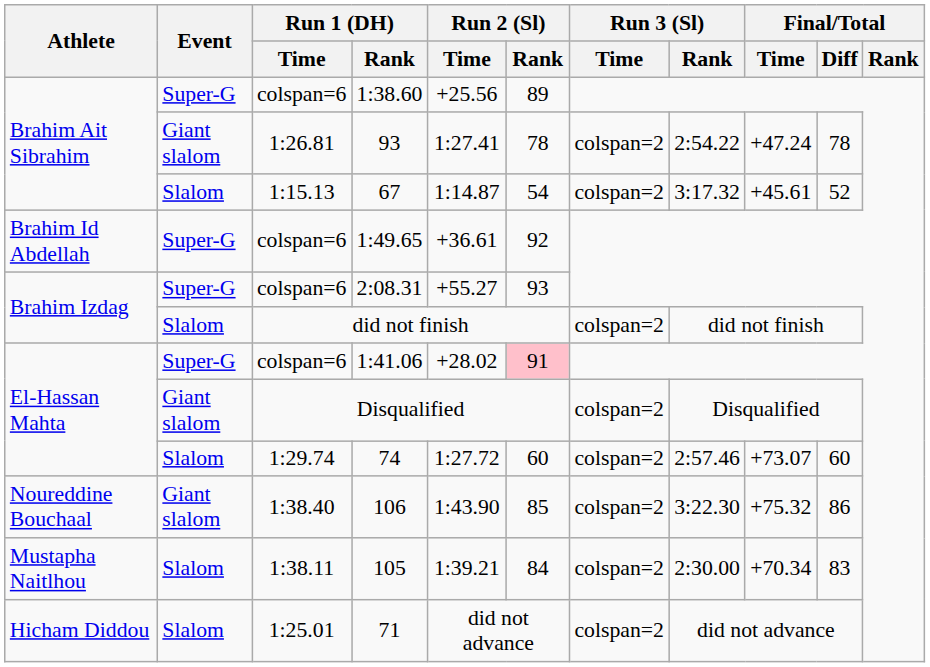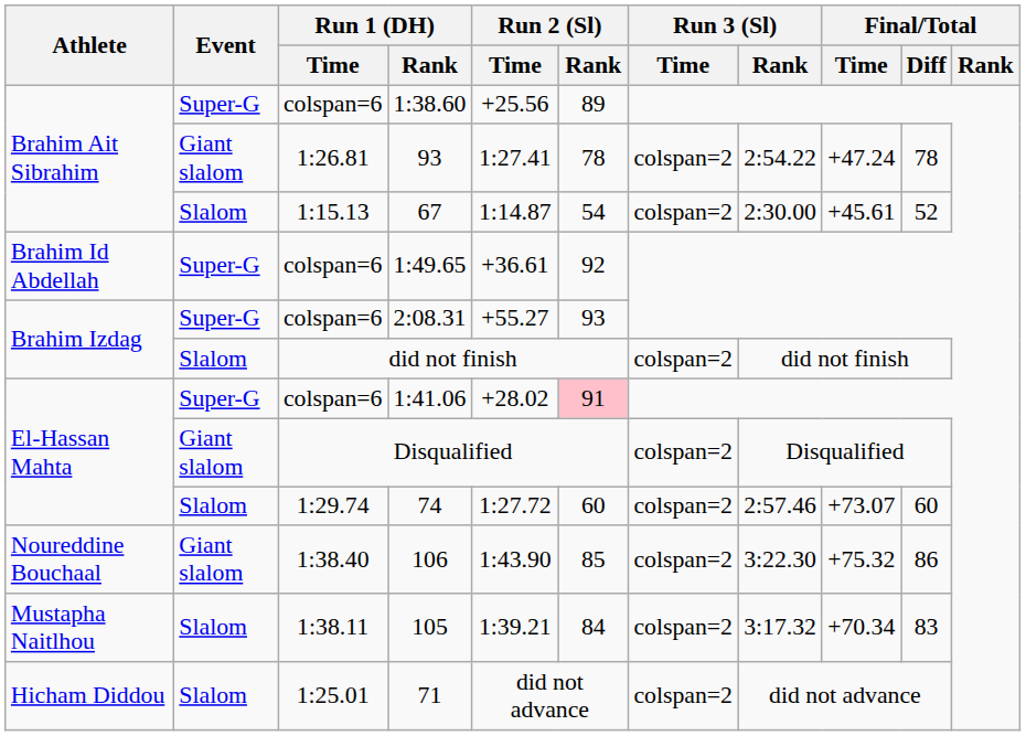 <table class="wikitable" style="font-size:90%">
 <tr>
 <th rowspan="2">Athlete</th>
 <th rowspan="2">Event</th>
 <th colspan="2">Run 1 (DH)</th>
 <th colspan="2">Run 2 (Sl)</th>
 <th colspan="2">Run 3 (Sl)</th>
 <th colspan="3">Final/Total</th>
 </tr>
 <tr>
 <th>Time</th>
 <th>Rank</th>
 <th>Time</th>
 <th>Rank</th>
 <th>Time</th>
 <th>Rank</th>
 <th>Time</th>
 <th>Diff</th>
 <th>Rank</th>
 </tr>
 <tr align="center">
 <td align="left" rowspan=3><a href='#'>Brahim Ait Sibrahim</a></td>
 <td align="left"><a href='#'>Super-G</a></td>
 <td>colspan=6 </td>
 <td>1:38.60</td>
 <td>+25.56</td>
 <td>89</td>
 </tr>
 <tr align="center">
 <td align="left"><a href='#'>Giant slalom</a></td>
 <td>1:26.81</td>
 <td>93</td>
 <td>1:27.41</td>
 <td>78</td>
 <td>colspan=2 </td>
 <td>2:54.22</td>
 <td>+47.24</td>
 <td>78</td>
 </tr>
 <tr align="center">
 <td align="left"><a href='#'>Slalom</a></td>
 <td>1:15.13</td>
 <td>67</td>
 <td>1:14.87</td>
 <td>54</td>
 <td>colspan=2 </td>
-<td>3:17.32</td>
+<td>2:30.00</td>
 <td>+45.61</td>
 <td>52</td>
 </tr>
 <tr align="center">
 <td align="left"><a href='#'>Brahim Id Abdellah</a></td>
 <td align="left"><a href='#'>Super-G</a></td>
 <td>colspan=6 </td>
 <td>1:49.65</td>
 <td>+36.61</td>
 <td>92</td>
 </tr>
 <tr align="center">
 <td align="left" rowspan=2><a href='#'>Brahim Izdag</a></td>
 <td align="left"><a href='#'>Super-G</a></td>
 <td>colspan=6 </td>
 <td>2:08.31</td>
 <td>+55.27</td>
 <td>93</td>
 </tr>
 <tr align="center">
 <td align="left"><a href='#'>Slalom</a></td>
 <td colspan=4>did not finish</td>
 <td>colspan=2 </td>
 <td colspan=3>did not finish</td>
 </tr>
 <tr align="center">
 <td align="left" rowspan=3><a href='#'>El-Hassan Mahta</a></td>
 <td align="left"><a href='#'>Super-G</a></td>
 <td>colspan=6 </td>
 <td>1:41.06</td>
 <td>+28.02</td>
 <td style="background: pink;">91</td>
 </tr>
 <tr align="center">
 <td align="left"><a href='#'>Giant slalom</a></td>
 <td colspan=4>Disqualified</td>
 <td>colspan=2 </td>
 <td colspan=3>Disqualified</td>
 </tr>
 <tr align="center">
 <td align="left"><a href='#'>Slalom</a></td>
 <td>1:29.74</td>
 <td>74</td>
 <td>1:27.72</td>
 <td>60</td>
 <td>colspan=2 </td>
 <td>2:57.46</td>
 <td>+73.07</td>
 <td>60</td>
 </tr>
 <tr align="center">
 <td align="left"><a href='#'>Noureddine Bouchaal</a></td>
 <td align="left"><a href='#'>Giant slalom</a></td>
 <td>1:38.40</td>
 <td>106</td>
 <td>1:43.90</td>
 <td>85</td>
 <td>colspan=2 </td>
 <td>3:22.30</td>
 <td>+75.32</td>
 <td>86</td>
 </tr>
 <tr align="center">
 <td align="left"><a href='#'>Mustapha Naitlhou</a></td>
 <td align="left"><a href='#'>Slalom</a></td>
 <td>1:38.11</td>
 <td>105</td>
 <td>1:39.21</td>
 <td>84</td>
 <td>colspan=2 </td>
-<td>2:30.00</td>
+<td>3:17.32</td>
 <td>+70.34</td>
 <td>83</td>
 </tr>
 <tr align="center">
 <td align="left"><a href='#'>Hicham Diddou</a></td>
 <td align="left"><a href='#'>Slalom</a></td>
 <td>1:25.01</td>
 <td>71</td>
 <td colspan=2>did not advance</td>
 <td>colspan=2 </td>
 <td colspan=3>did not advance</td>
 </tr>
 </table>
